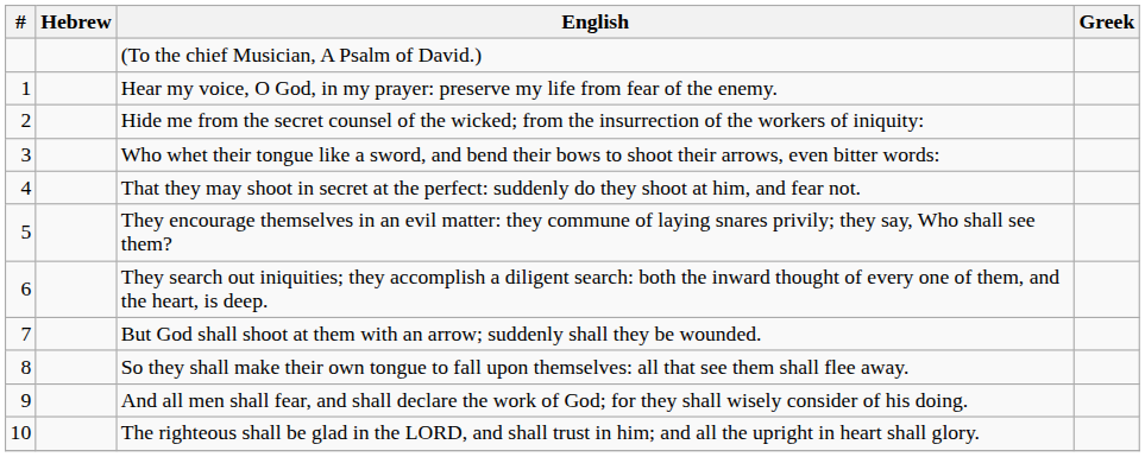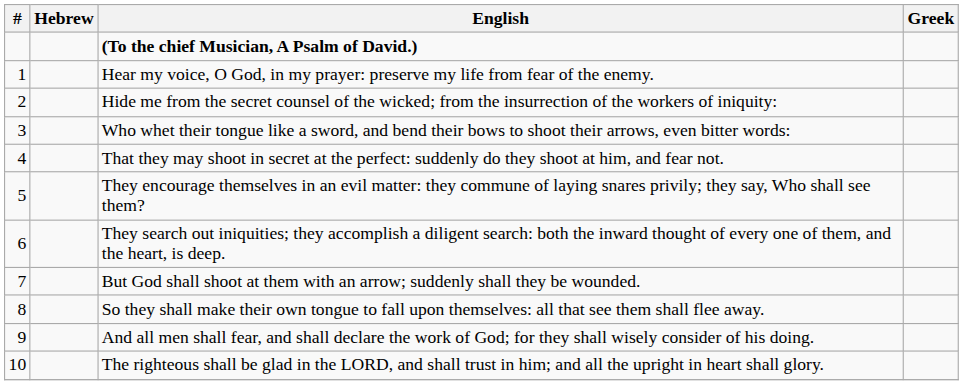 <table class=wikitable>
 <tr>
 <th>#</th>
 <th>Hebrew</th>
 <th>English</th>
 <th>Greek</th>
 </tr>
 <tr>
 <td style="text-align:right"></td>
 <td style="text-align:right"></td>
-<td>(To the chief Musician, A Psalm of David.)</td>
+<td><strong>(To the chief Musician, A Psalm of David.)</strong></td>
 <td></td>
 </tr>
 <tr>
 <td style="text-align:right">1</td>
 <td style="text-align:right"></td>
 <td>Hear my voice, O God, in my prayer: preserve my life from fear of the enemy.</td>
 <td></td>
 </tr>
 <tr>
 <td style="text-align:right">2</td>
 <td style="text-align:right"></td>
 <td>Hide me from the secret counsel of the wicked; from the insurrection of the workers of iniquity:</td>
 <td></td>
 </tr>
 <tr>
 <td style="text-align:right">3</td>
 <td style="text-align:right"></td>
 <td>Who whet their tongue like a sword, and bend their bows to shoot their arrows, even bitter words:</td>
 <td></td>
 </tr>
 <tr>
 <td style="text-align:right">4</td>
 <td style="text-align:right"></td>
 <td>That they may shoot in secret at the perfect: suddenly do they shoot at him, and fear not.</td>
 <td></td>
 </tr>
 <tr>
 <td style="text-align:right">5</td>
 <td style="text-align:right"></td>
 <td>They encourage themselves in an evil matter: they commune of laying snares privily; they say, Who shall see them?</td>
 <td></td>
 </tr>
 <tr>
 <td style="text-align:right">6</td>
 <td style="text-align:right"></td>
 <td>They search out iniquities; they accomplish a diligent search: both the inward thought of every one of them, and the heart, is deep.</td>
 <td></td>
 </tr>
 <tr>
 <td style="text-align:right">7</td>
 <td style="text-align:right"></td>
 <td>But God shall shoot at them with an arrow; suddenly shall they be wounded.</td>
 <td></td>
 </tr>
 <tr>
 <td style="text-align:right">8</td>
 <td style="text-align:right"></td>
 <td>So they shall make their own tongue to fall upon themselves: all that see them shall flee away.</td>
 <td></td>
 </tr>
 <tr>
 <td style="text-align:right">9</td>
 <td style="text-align:right"></td>
 <td>And all men shall fear, and shall declare the work of God; for they shall wisely consider of his doing.</td>
 <td></td>
 </tr>
 <tr>
 <td style="text-align:right">10</td>
 <td style="text-align:right"></td>
 <td>The righteous shall be glad in the LORD, and shall trust in him; and all the upright in heart shall glory.</td>
 <td></td>
 </tr>
 <tr>
 </tr>
 </table>
